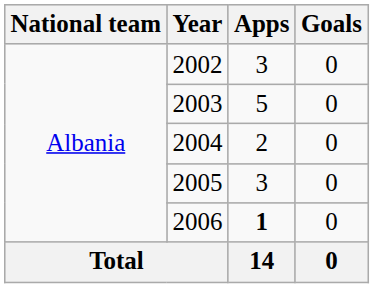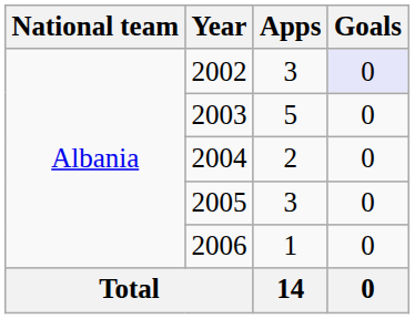 <table class=wikitable style="text-align: center;">
 <tr>
 <th>National team</th>
 <th>Year</th>
 <th>Apps</th>
 <th>Goals</th>
 </tr>
 <tr>
 <td rowspan=5><a href='#'>Albania</a></td>
 <td>2002</td>
 <td>3</td>
-<td>0</td>
+<td style="background: lavender;">0</td>
 </tr>
 <tr>
 <td>2003</td>
 <td>5</td>
 <td>0</td>
 </tr>
 <tr>
 <td>2004</td>
 <td>2</td>
 <td>0</td>
 </tr>
 <tr>
 <td>2005</td>
 <td>3</td>
 <td>0</td>
 </tr>
 <tr>
 <td>2006</td>
-<td><strong>1</strong></td>
+<td>1</td>
 <td>0</td>
 </tr>
 <tr>
 <th colspan=2>Total</th>
 <th>14</th>
 <th>0</th>
 </tr>
 </table>
